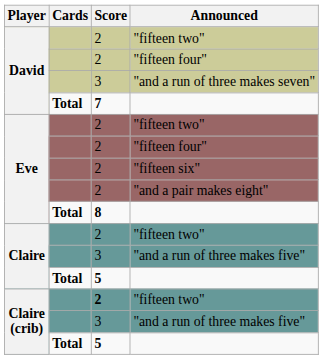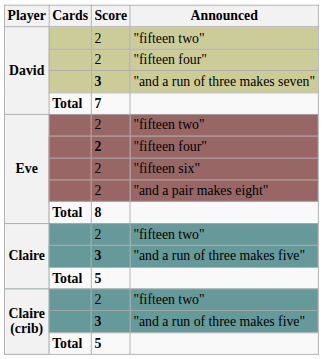 <table class="wikitable" style="float:left">
 <tr>
 <th>Player</th>
 <th>Cards</th>
 <th>Score</th>
 <th>Announced</th>
 </tr>
 <tr style="background-color: #cc9;">
 <th rowspan="4">David</th>
 <td></td>
 <td>2</td>
 <td>"fifteen two"</td>
 </tr>
 <tr style="background-color: #cc9;">
 <td></td>
 <td>2</td>
 <td>"fifteen four"</td>
 </tr>
 <tr style="background-color: #cc9;">
 <td></td>
-<td>3</td>
+<td><strong>3</strong></td>
 <td>"and a run of three makes seven"</td>
 </tr>
 <tr>
 <td><strong>Total</strong></td>
 <td><strong>7</strong></td>
 <td></td>
 </tr>
 <tr style="background-color: #966;">
 <th rowspan="5">Eve</th>
 <td></td>
 <td>2</td>
 <td>"fifteen two"</td>
 </tr>
 <tr style="background-color: #966;">
 <td></td>
-<td>2</td>
+<td><strong>2</strong></td>
 <td>"fifteen four"</td>
 </tr>
 <tr style="background-color: #966;">
 <td></td>
 <td>2</td>
 <td>"fifteen six"</td>
 </tr>
 <tr style="background-color: #966;">
 <td></td>
 <td>2</td>
 <td>"and a pair makes eight"</td>
 </tr>
 <tr>
 <td><strong>Total</strong></td>
 <td><strong>8</strong></td>
 <td></td>
 </tr>
 <tr style="background-color: #699;">
 <th rowspan="3">Claire</th>
 <td></td>
 <td>2</td>
 <td>"fifteen two"</td>
 </tr>
 <tr style="background-color: #699;">
 <td></td>
-<td>3</td>
+<td><strong>3</strong></td>
 <td>"and a run of three makes five"</td>
 </tr>
 <tr>
 <td><strong>Total</strong></td>
 <td><strong>5</strong></td>
 <td></td>
 </tr>
 <tr style="background-color: #699;">
 <th rowspan="3">Claire<br>(crib)</th>
 <td></td>
-<td><strong>2</strong></td>
+<td>2</td>
 <td>"fifteen two"</td>
 </tr>
 <tr style="background-color: #699;">
 <td></td>
-<td>3</td>
+<td><strong>3</strong></td>
 <td>"and a run of three makes five"</td>
 </tr>
 <tr>
 <td><strong>Total</strong></td>
 <td><strong>5</strong></td>
 <td></td>
 </tr>
 </table>
